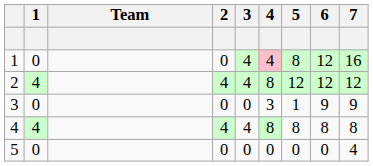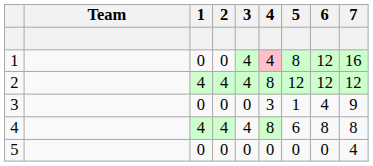 <table class="wikitable sortable" style="text-align:center; line-height: 90%;" width=40%>
 <tr>
 <th width=20 abbr="Position"></th>
+<th width=400px>Team</th>
 <th width=30 abbr="Round 1">1</th>
-<th width=400px>Team</th>
 <th width=30 abbr="Round 2">2</th>
 <th width=30 abbr="Round 3">3</th>
 <th width=30 abbr="Round 4">4</th>
 <th width=30 abbr="Round 5">5</th>
 <th width=30 abbr="Round 6">6</th>
 <th width=30 abbr="Round 7">7</th>
 </tr>
 <tr>
 <th></th>
 <th></th>
 <th></th>
 <th></th>
 <th></th>
 <th></th>
 <th></th>
 <th></th>
 <th> </th>
 </tr>
 <tr>
 <td>1</td>
+<td style="text-align:left"></td>
 <td>0</td>
-<td style="text-align:left"></td>
 <td>0</td>
 <td style="background:#ccffcc;">4</td>
 <td style="background: pink;">4</td>
 <td style="background:#ccffcc;">8</td>
 <td style="background:#ccffcc;">12</td>
 <td style="background:#ccffcc;">16</td>
 </tr>
 <tr>
 <td>2</td>
+<td style="text-align:left"></td>
 <td style="background:#ccffcc;">4</td>
-<td style="text-align:left"></td>
 <td style="background:#ccffcc;">4</td>
 <td style="background:#ccffcc;">4</td>
 <td style="background:#ccffcc;">8</td>
 <td style="background:#ccffcc;">12</td>
 <td style="background:#ccffcc;">12</td>
 <td style="background:#ccffcc;">12</td>
 </tr>
 <tr>
 <td>3</td>
+<td style="text-align:left"></td>
 <td>0</td>
-<td style="text-align:left"></td>
 <td>0</td>
 <td>0</td>
 <td>3</td>
 <td>1</td>
-<td>9</td>
+<td>4</td>
 <td>9</td>
 </tr>
 <tr>
 <td>4</td>
+<td style="text-align:left"></td>
 <td style="background:#ccffcc;">4</td>
-<td style="text-align:left"></td>
 <td style="background:#ccffcc;">4</td>
 <td>4</td>
 <td style="background:#ccffcc;">8</td>
-<td>8</td>
+<td>6</td>
 <td>8</td>
 <td>8</td>
 </tr>
 <tr>
 <td>5</td>
+<td style="text-align:left"></td>
 <td>0</td>
-<td style="text-align:left"></td>
 <td>0</td>
 <td>0</td>
 <td>0</td>
 <td>0</td>
 <td>0</td>
 <td>4</td>
 </tr>
 </table>
